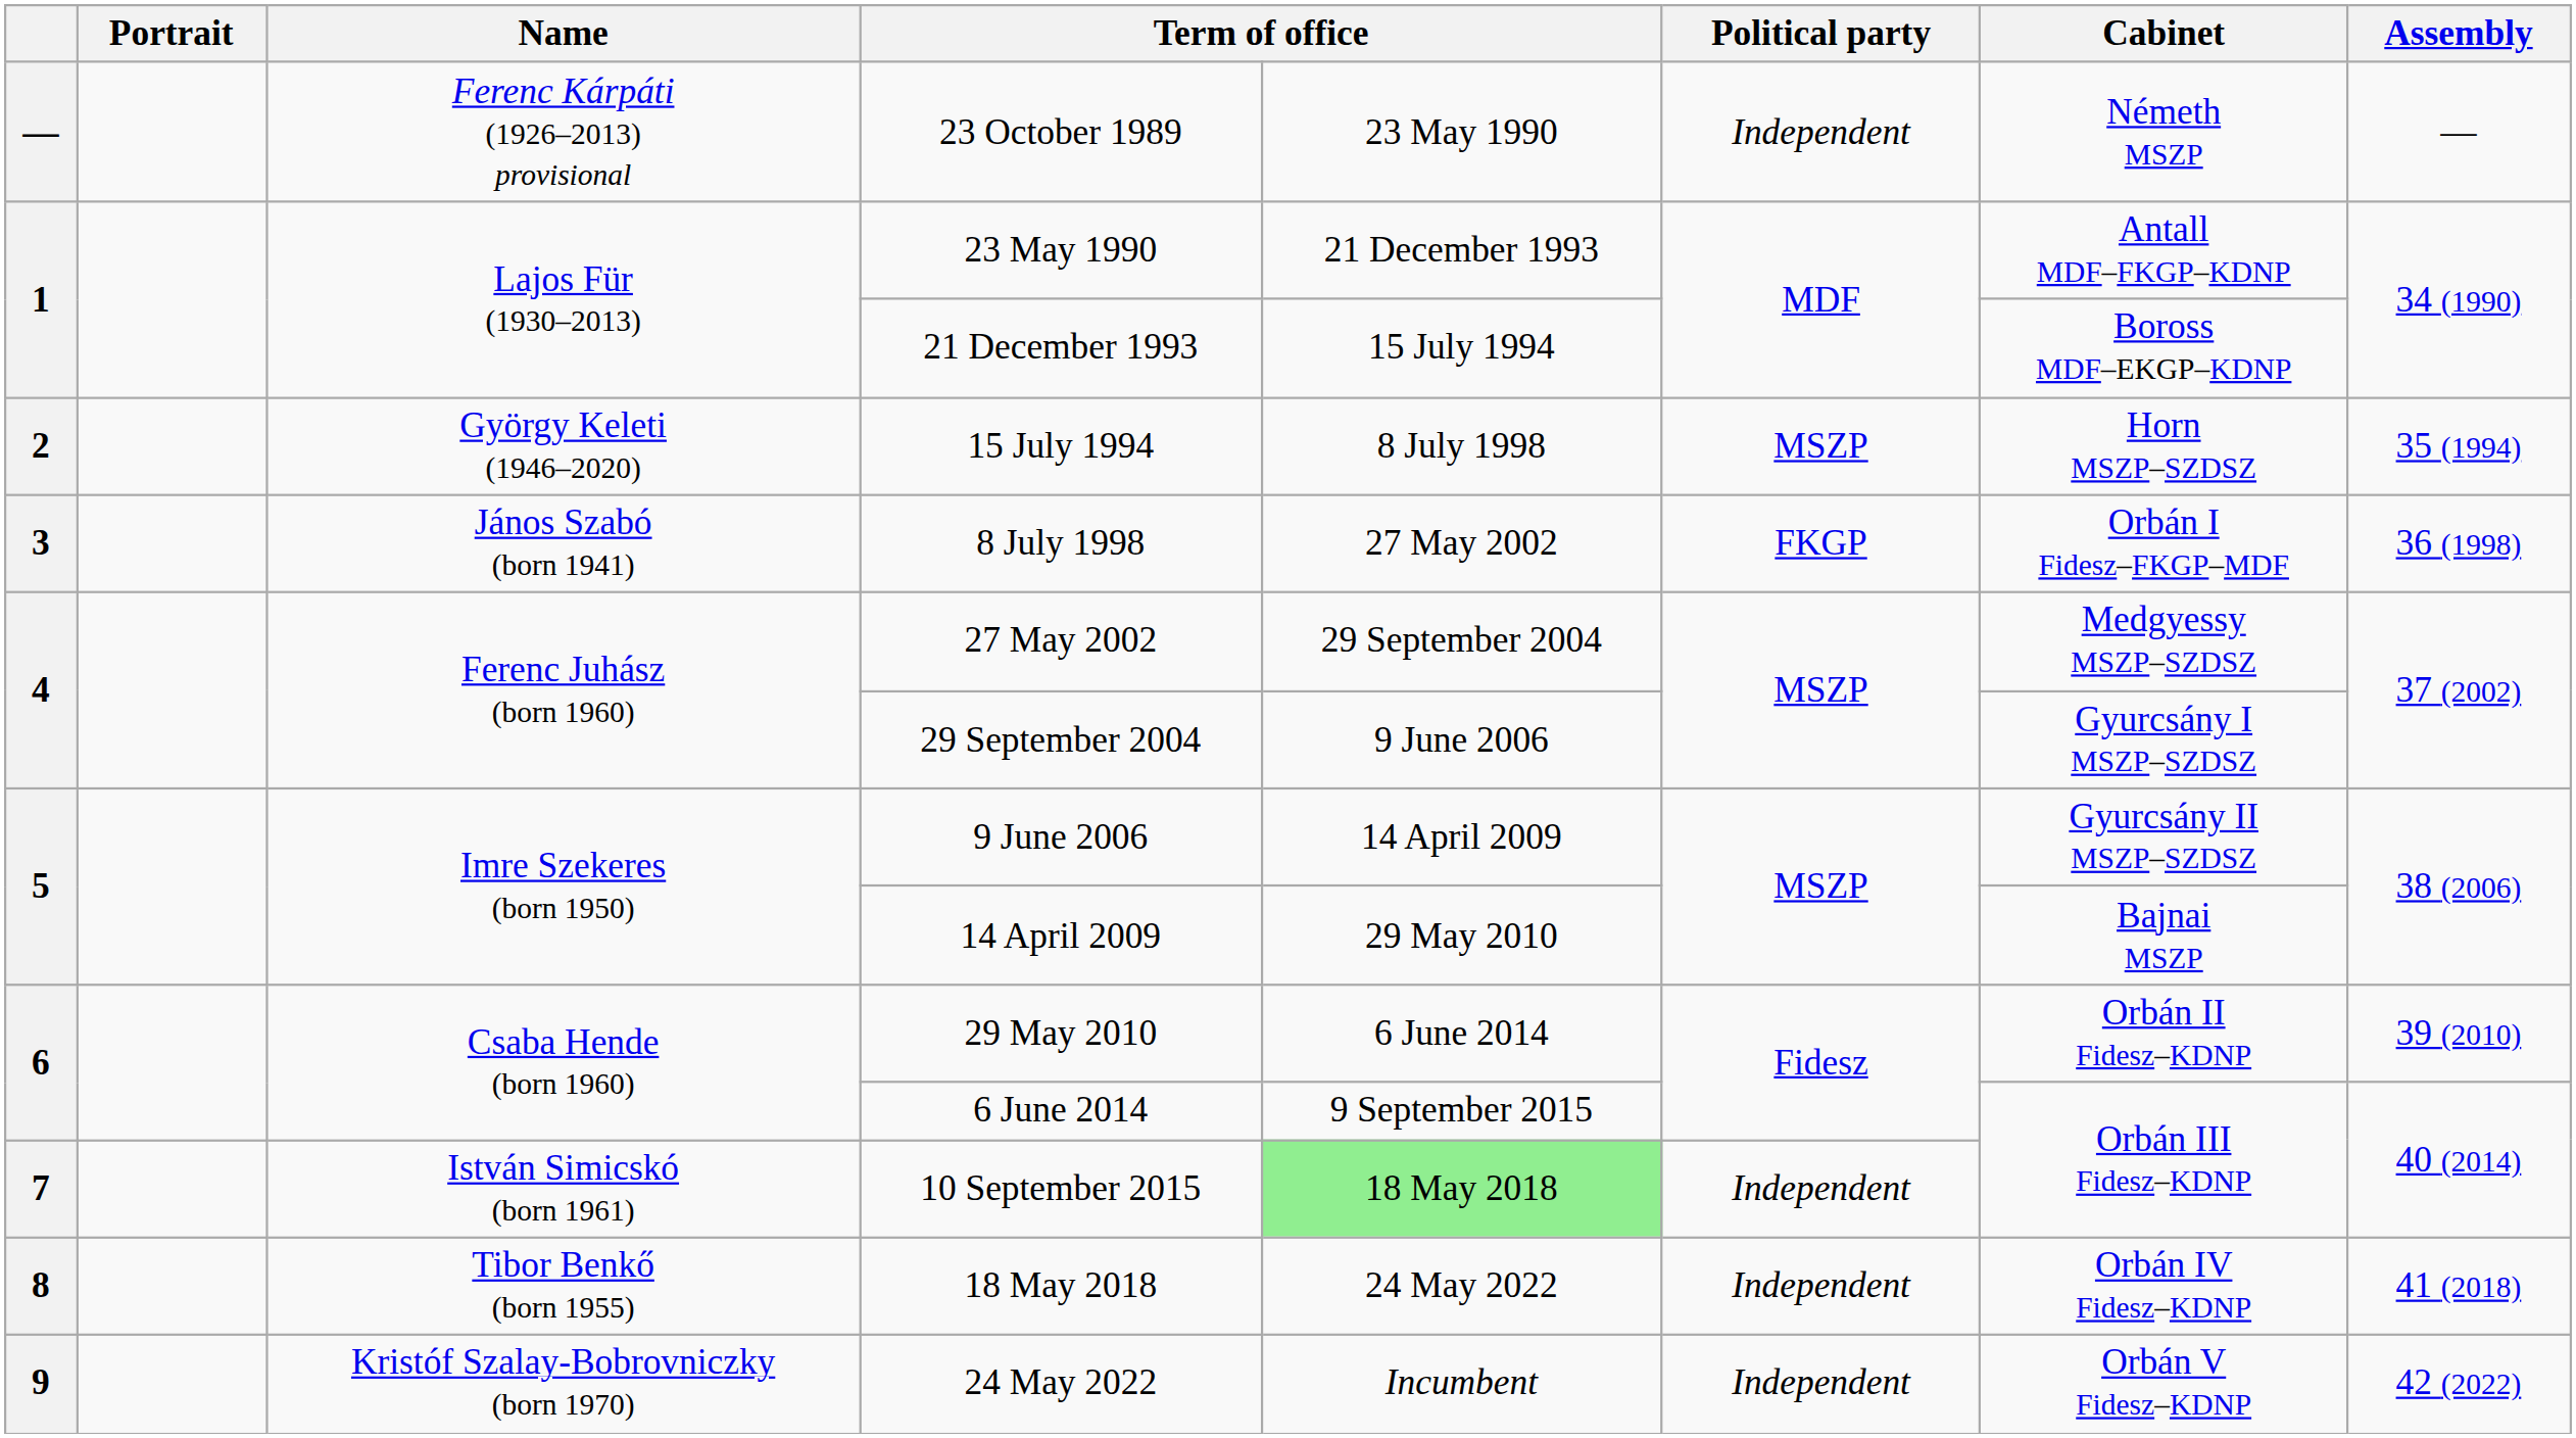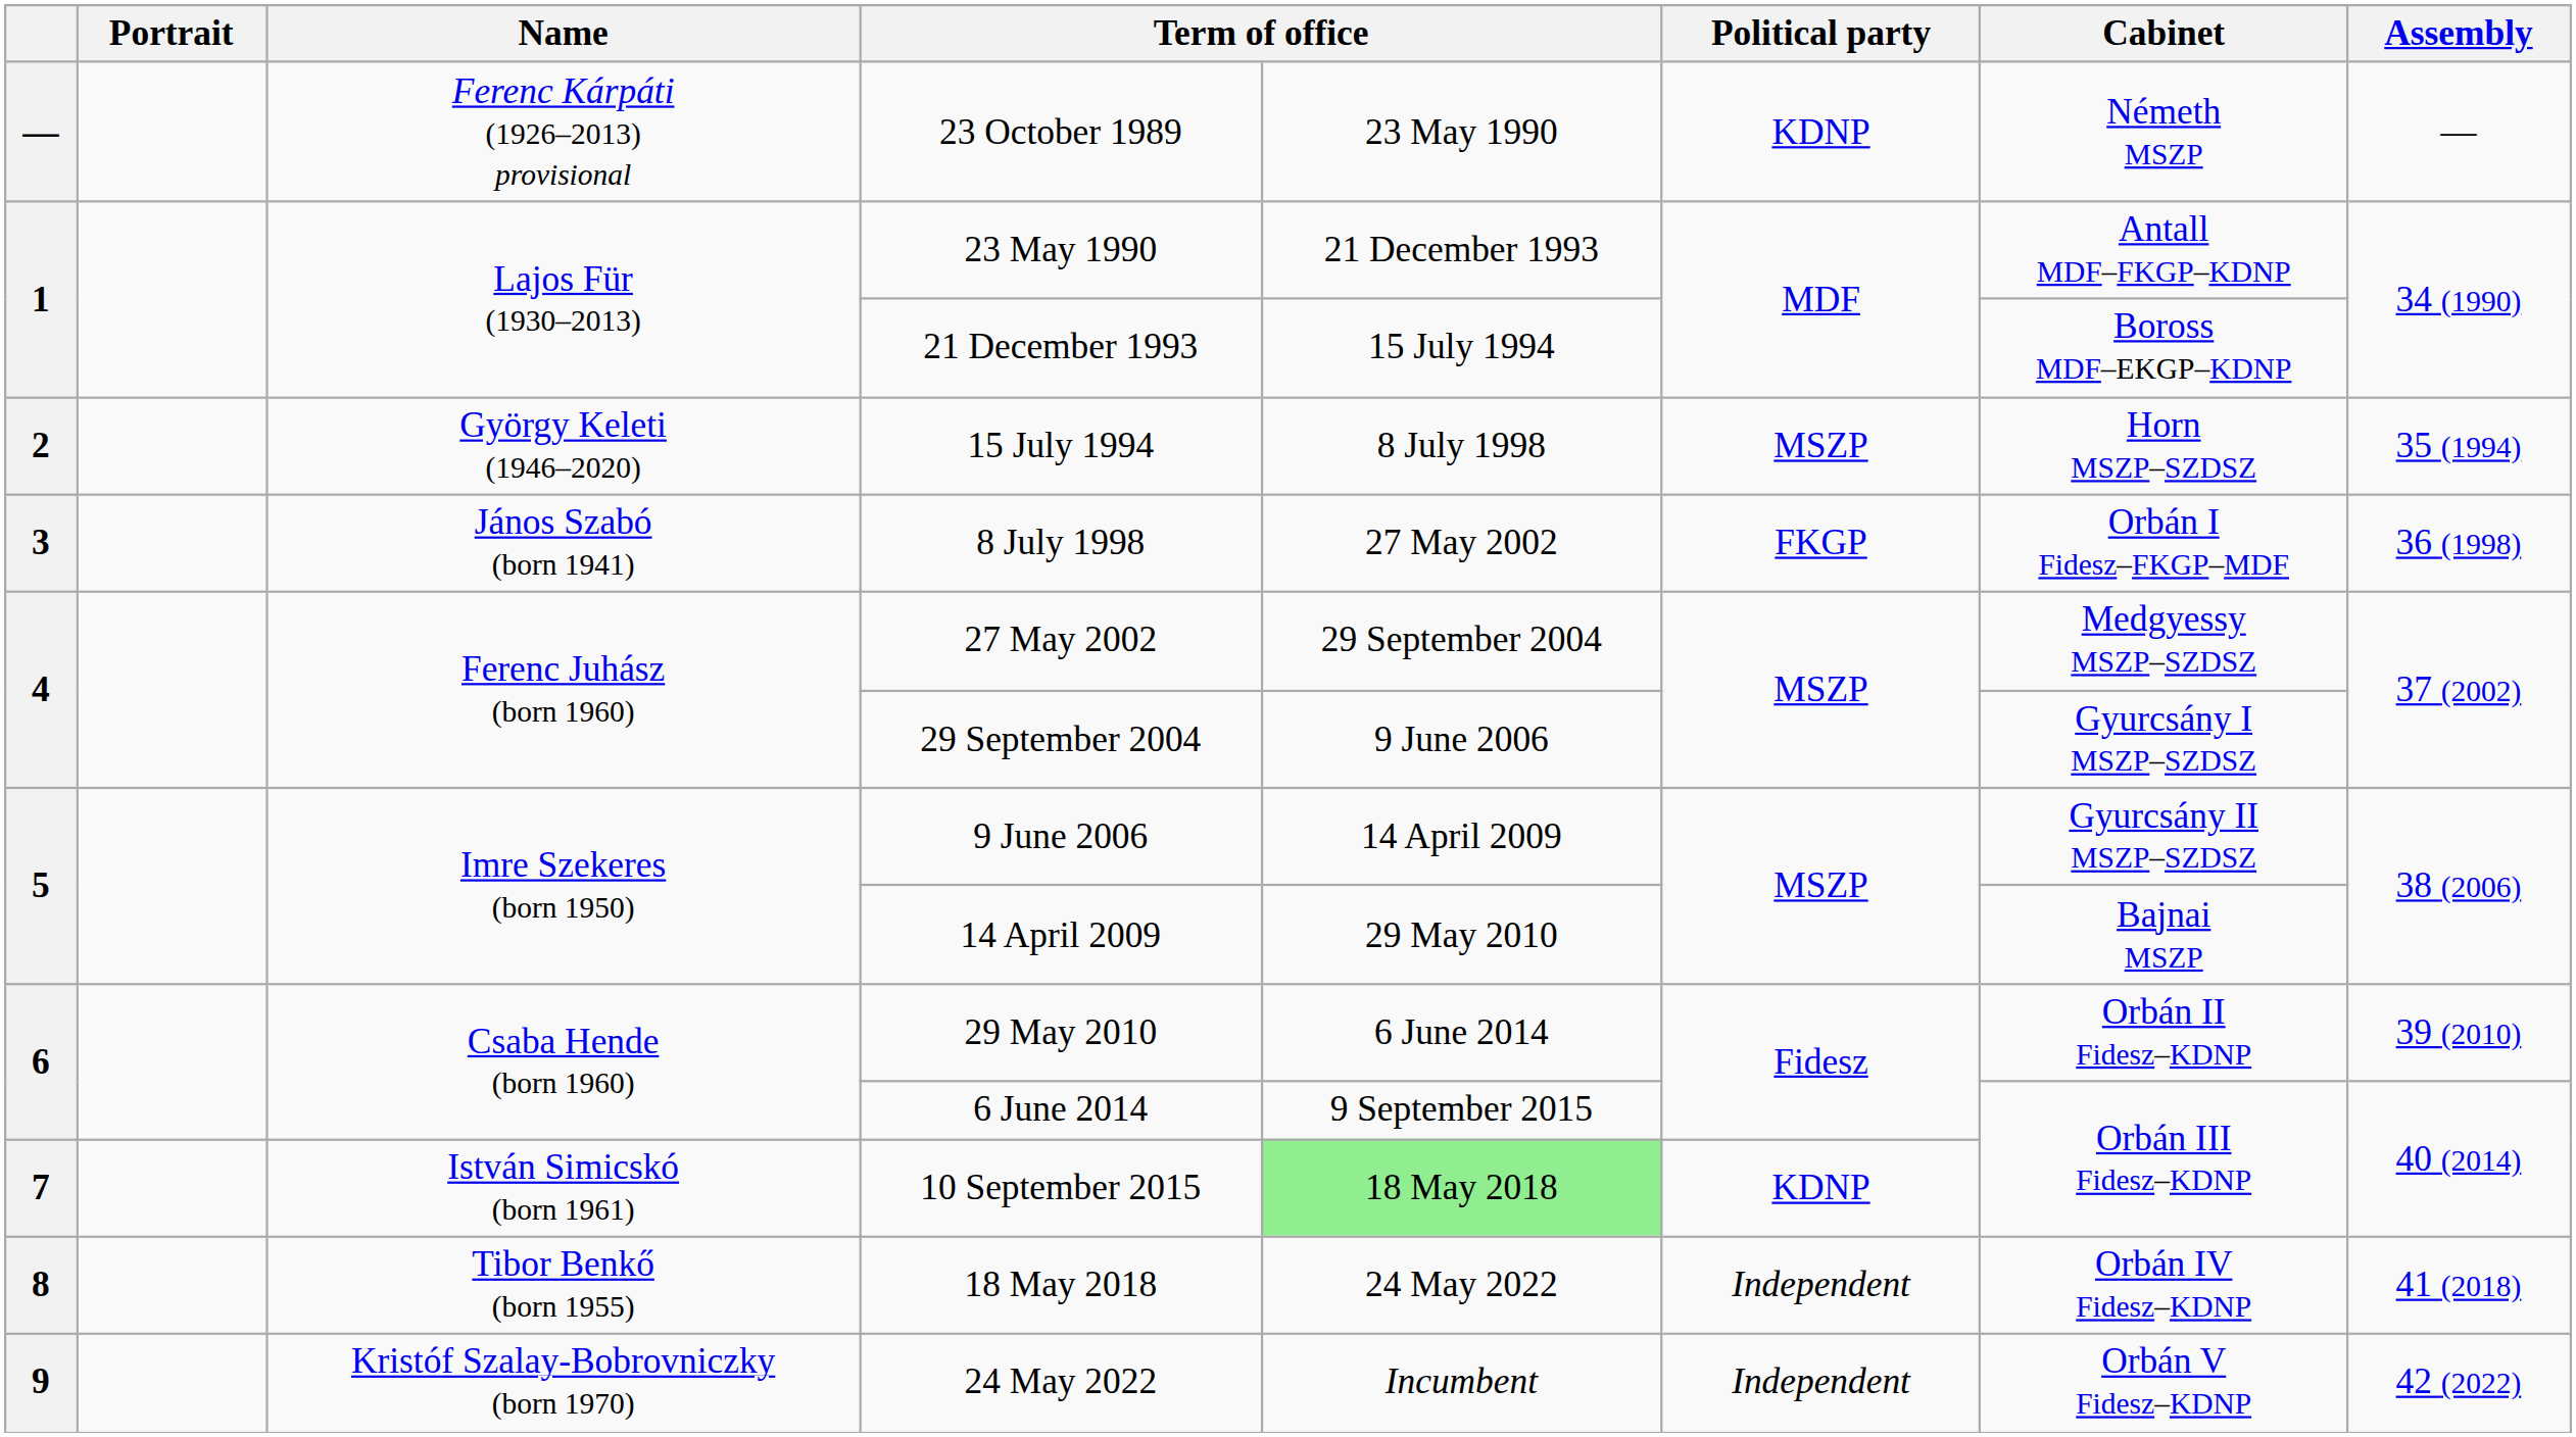 <table class="wikitable" style="width:90%; text-align:center;">
 <tr>
 <th></th>
 <th>Portrait</th>
 <th>Name<br></th>
 <th colspan=2>Term of office</th>
 <th>Political party</th>
 <th>Cabinet</th>
 <th><a href='#'>Assembly</a><br></th>
 </tr>
 <tr>
 <th style="background:">—</th>
 <td></td>
 <td><em><a href='#'>Ferenc Kárpáti</a></em><br><small>(1926–2013)<br><em>provisional</em></small></td>
 <td>23 October 1989</td>
 <td>23 May 1990</td>
-<td><em>Independent</em></td>
+<td><a href='#'>KDNP</a></td>
 <td><a href='#'>Németh</a><br><small><a href='#'>MSZP</a></small></td>
 <td>—</td>
 </tr>
 <tr>
 <th rowspan="2" style="background:">1</th>
 <td rowspan="2"></td>
 <td rowspan="2"><a href='#'>Lajos Für</a><br><small>(1930–2013)</small></td>
 <td>23 May 1990</td>
 <td>21 December 1993</td>
 <td rowspan="2"><a href='#'>MDF</a></td>
 <td><a href='#'>Antall</a><br><small><a href='#'>MDF</a>–<a href='#'>FKGP</a>–<a href='#'>KDNP</a></small></td>
 <td rowspan="2"><a href='#'>34 <small>(1990)</small></a></td>
 </tr>
 <tr>
 <td>21 December 1993</td>
 <td>15 July 1994</td>
 <td><a href='#'>Boross</a><br><small><a href='#'>MDF</a>–EKGP–<a href='#'>KDNP</a></small></td>
 </tr>
 <tr>
 <th style="background:">2</th>
 <td></td>
 <td><a href='#'>György Keleti</a><br><small>(1946–2020)</small></td>
 <td>15 July 1994</td>
 <td>8 July 1998</td>
 <td><a href='#'>MSZP</a></td>
 <td><a href='#'>Horn</a><br><small><a href='#'>MSZP</a>–<a href='#'>SZDSZ</a></small></td>
 <td><a href='#'>35 <small>(1994)</small></a></td>
 </tr>
 <tr>
 <th style="background:">3</th>
 <td></td>
 <td><a href='#'>János Szabó</a><br><small>(born 1941)</small></td>
 <td>8 July 1998</td>
 <td>27 May 2002</td>
 <td><a href='#'>FKGP</a></td>
 <td><a href='#'>Orbán I</a><br><small><a href='#'>Fidesz</a>–<a href='#'>FKGP</a>–<a href='#'>MDF</a></small></td>
 <td><a href='#'>36 <small>(1998)</small></a></td>
 </tr>
 <tr>
 <th rowspan="2" style="background:">4</th>
 <td rowspan="2"></td>
 <td rowspan="2"><a href='#'>Ferenc Juhász</a><br><small>(born 1960)</small></td>
 <td>27 May 2002</td>
 <td>29 September 2004</td>
 <td rowspan="2"><a href='#'>MSZP</a></td>
 <td><a href='#'>Medgyessy</a><br><small><a href='#'>MSZP</a>–<a href='#'>SZDSZ</a></small></td>
 <td rowspan="2"><a href='#'>37 <small>(2002)</small></a></td>
 </tr>
 <tr>
 <td>29 September 2004</td>
 <td>9 June 2006</td>
 <td><a href='#'>Gyurcsány I</a><br><small><a href='#'>MSZP</a>–<a href='#'>SZDSZ</a></small></td>
 </tr>
 <tr>
 <th rowspan="2" style="background:">5</th>
 <td rowspan="2"></td>
 <td rowspan="2"><a href='#'>Imre Szekeres</a><br><small>(born 1950)</small></td>
 <td>9 June 2006</td>
 <td>14 April 2009</td>
 <td rowspan="2"><a href='#'>MSZP</a></td>
 <td><a href='#'>Gyurcsány II</a><br><small><a href='#'>MSZP</a>–<a href='#'>SZDSZ</a></small></td>
 <td rowspan="2"><a href='#'>38 <small>(2006)</small></a></td>
 </tr>
 <tr>
 <td>14 April 2009</td>
 <td>29 May 2010</td>
 <td><a href='#'>Bajnai</a><br><small><a href='#'>MSZP</a></small></td>
 </tr>
 <tr>
 <th rowspan="2" style="background:">6</th>
 <td rowspan="2"></td>
 <td rowspan="2"><a href='#'>Csaba Hende</a><br><small>(born 1960)</small></td>
 <td>29 May 2010</td>
 <td>6 June 2014</td>
 <td rowspan="2"><a href='#'>Fidesz</a></td>
 <td><a href='#'>Orbán II</a><br><small><a href='#'>Fidesz</a>–<a href='#'>KDNP</a></small></td>
 <td><a href='#'>39 <small>(2010)</small></a></td>
 </tr>
 <tr>
 <td>6 June 2014</td>
 <td>9 September 2015</td>
 <td rowspan="2"><a href='#'>Orbán III</a><br><small><a href='#'>Fidesz</a>–<a href='#'>KDNP</a></small></td>
 <td rowspan="2"><a href='#'>40 <small>(2014)</small></a></td>
 </tr>
 <tr>
 <th style="background:">7</th>
 <td></td>
 <td><a href='#'>István Simicskó</a><br><small>(born 1961)</small></td>
 <td>10 September 2015</td>
 <td style="background: lightgreen;">18 May 2018</td>
-<td><em>Independent</em></td>
+<td><a href='#'>KDNP</a></td>
 </tr>
 <tr>
 <th style="background:">8</th>
 <td></td>
 <td><a href='#'>Tibor Benkő</a><br><small>(born 1955)</small></td>
 <td>18 May 2018</td>
 <td>24 May 2022</td>
 <td><em>Independent</em></td>
 <td><a href='#'>Orbán IV</a><br><small><a href='#'>Fidesz</a>–<a href='#'>KDNP</a></small></td>
 <td><a href='#'>41 <small>(2018)</small></a></td>
 </tr>
 <tr>
 <th style="background:">9</th>
 <td></td>
 <td><a href='#'>Kristóf Szalay-Bobrovniczky</a><br><small>(born 1970)</small></td>
 <td>24 May 2022</td>
 <td><em>Incumbent</em></td>
 <td><em>Independent</em></td>
 <td><a href='#'>Orbán V</a><br><small><a href='#'>Fidesz</a>–<a href='#'>KDNP</a></small></td>
 <td><a href='#'>42 <small>(2022)</small></a></td>
 </tr>
 </table>
